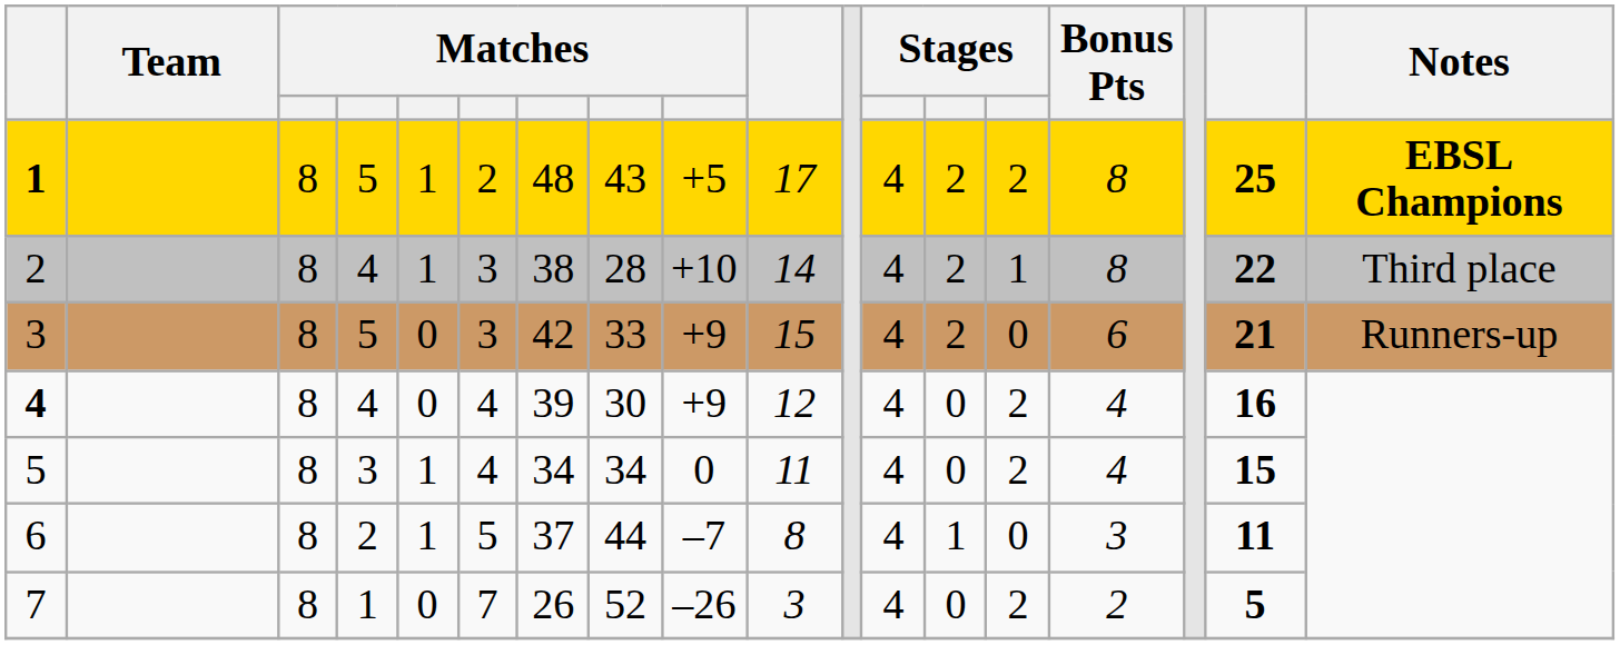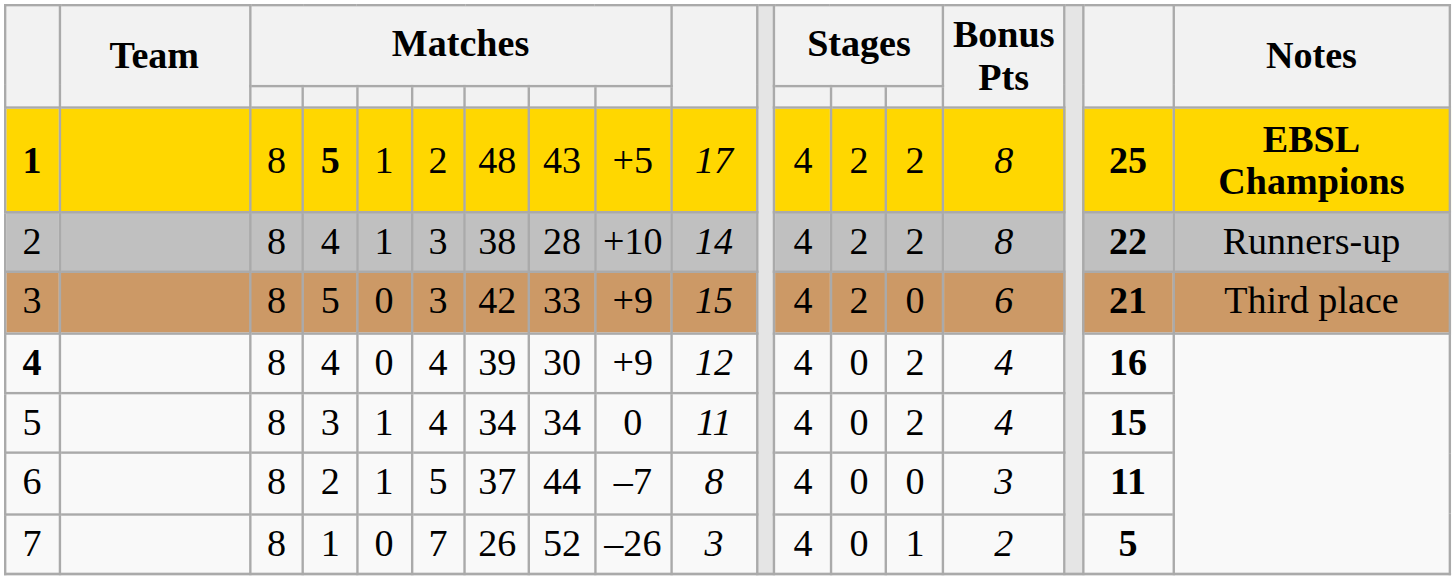 <table class="wikitable" style="text-align: center;">
 <tr>
 <th width="25" rowspan="2"></th>
 <th width="120" rowspan="2">Team</th>
 <th colspan="7">Matches</th>
 <th width="45" rowspan="2"></th>
 <th width="1" style="background-color: #E5E5E5;" rowspan="9"></th>
 <th colspan="3">Stages</th>
 <th width="45" rowspan="2">Bonus Pts</th>
 <th width="1" style="background-color: #E5E5E5;" rowspan="9"></th>
 <th width="50" rowspan="2"></th>
 <th width="150" rowspan="2">Notes</th>
 </tr>
 <tr>
 <th width="25"></th>
 <th width="25"></th>
 <th width="25"></th>
 <th width="25"></th>
 <th width="25"></th>
 <th width="25"></th>
 <th width="25"></th>
 <th width="25"></th>
 <th width="25"></th>
 <th width="25"></th>
 </tr>
 <tr style="background-color: gold;">
 <td><strong>1</strong></td>
 <td align=left><strong></strong></td>
 <td>8</td>
-<td>5</td>
+<td><strong>5</strong></td>
 <td>1</td>
 <td>2</td>
 <td>48</td>
 <td>43</td>
 <td>+5</td>
 <td><em>17</em></td>
 <td>4</td>
 <td>2</td>
 <td>2</td>
 <td><em>8</em></td>
 <td><strong>25</strong></td>
 <td><strong>EBSL Champions</strong></td>
 </tr>
 <tr style="background-color: silver">
 <td>2</td>
 <td align=left></td>
 <td>8</td>
 <td>4</td>
 <td>1</td>
 <td>3</td>
 <td>38</td>
 <td>28</td>
 <td>+10</td>
 <td><em>14</em></td>
 <td>4</td>
 <td>2</td>
-<td>1</td>
+<td>2</td>
 <td><em>8</em></td>
 <td><strong>22</strong></td>
-<td>Third place</td>
+<td>Runners-up</td>
 </tr>
 <tr style="background-color: #CC9966;">
 <td>3</td>
 <td align=left></td>
 <td>8</td>
 <td>5</td>
 <td>0</td>
 <td>3</td>
 <td>42</td>
 <td>33</td>
 <td>+9</td>
 <td><em>15</em></td>
 <td>4</td>
 <td>2</td>
 <td>0</td>
 <td><em>6</em></td>
 <td><strong>21</strong></td>
-<td>Runners-up</td>
+<td>Third place</td>
 </tr>
 <tr>
 <td><strong>4</strong></td>
 <td align=left></td>
 <td>8</td>
 <td>4</td>
 <td>0</td>
 <td>4</td>
 <td>39</td>
 <td>30</td>
 <td>+9</td>
 <td><em>12</em></td>
 <td>4</td>
 <td>0</td>
 <td>2</td>
 <td><em>4</em></td>
 <td><strong>16</strong></td>
 <td rowspan="4"></td>
 </tr>
 <tr>
 <td>5</td>
 <td align=left></td>
 <td>8</td>
 <td>3</td>
 <td>1</td>
 <td>4</td>
 <td>34</td>
 <td>34</td>
 <td>0</td>
 <td><em>11</em></td>
 <td>4</td>
 <td>0</td>
 <td>2</td>
 <td><em>4</em></td>
 <td><strong>15</strong></td>
 </tr>
 <tr>
 <td>6</td>
 <td align=left></td>
 <td>8</td>
 <td>2</td>
 <td>1</td>
 <td>5</td>
 <td>37</td>
 <td>44</td>
 <td>–7</td>
 <td><em>8</em></td>
 <td>4</td>
-<td>1</td>
+<td>0</td>
 <td>0</td>
 <td><em>3</em></td>
 <td><strong>11</strong></td>
 </tr>
 <tr>
 <td>7</td>
 <td align=left></td>
 <td>8</td>
 <td>1</td>
 <td>0</td>
 <td>7</td>
 <td>26</td>
 <td>52</td>
 <td>–26</td>
 <td><em>3</em></td>
 <td>4</td>
 <td>0</td>
-<td>2</td>
+<td>1</td>
 <td><em>2</em></td>
 <td><strong>5</strong></td>
 </tr>
 <tr>
 </tr>
 </table>
